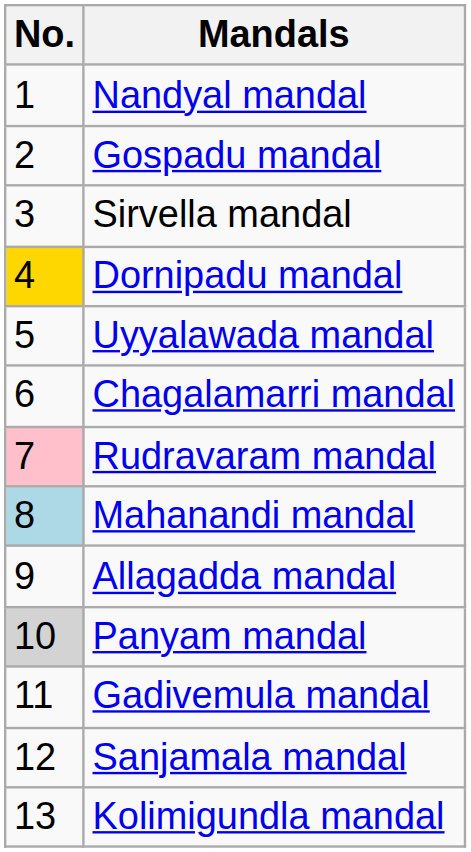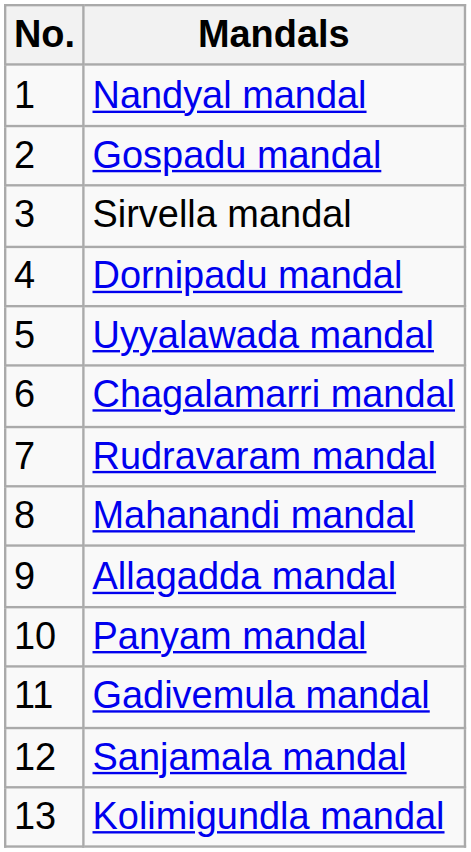 <table class="wikitable">
 <tr>
 <th>No.</th>
 <th>Mandals</th>
 </tr>
 <tr>
 <td>1</td>
 <td><a href='#'>Nandyal mandal</a></td>
 </tr>
 <tr>
 <td>2</td>
 <td><a href='#'>Gospadu mandal</a></td>
 </tr>
 <tr>
 <td>3</td>
 <td>Sirvella mandal</td>
 </tr>
 <tr>
-<td style="background: gold;">4</td>
+<td>4</td>
 <td><a href='#'>Dornipadu mandal</a></td>
 </tr>
 <tr>
 <td>5</td>
 <td><a href='#'>Uyyalawada mandal</a></td>
 </tr>
 <tr>
 <td>6</td>
 <td><a href='#'>Chagalamarri mandal</a></td>
 </tr>
 <tr>
-<td style="background: pink;">7</td>
+<td>7</td>
 <td><a href='#'>Rudravaram mandal</a></td>
 </tr>
 <tr>
-<td style="background: lightblue;">8</td>
+<td>8</td>
 <td><a href='#'>Mahanandi mandal</a></td>
 </tr>
 <tr>
 <td>9</td>
 <td><a href='#'>Allagadda mandal</a></td>
 </tr>
 <tr>
-<td style="background: lightgrey;">10</td>
+<td>10</td>
 <td><a href='#'>Panyam mandal</a></td>
 </tr>
 <tr>
 <td>11</td>
 <td><a href='#'>Gadivemula mandal</a></td>
 </tr>
 <tr>
 <td>12</td>
 <td><a href='#'>Sanjamala mandal</a></td>
 </tr>
 <tr>
 <td>13</td>
 <td><a href='#'>Kolimigundla mandal</a></td>
 </tr>
 </table>
